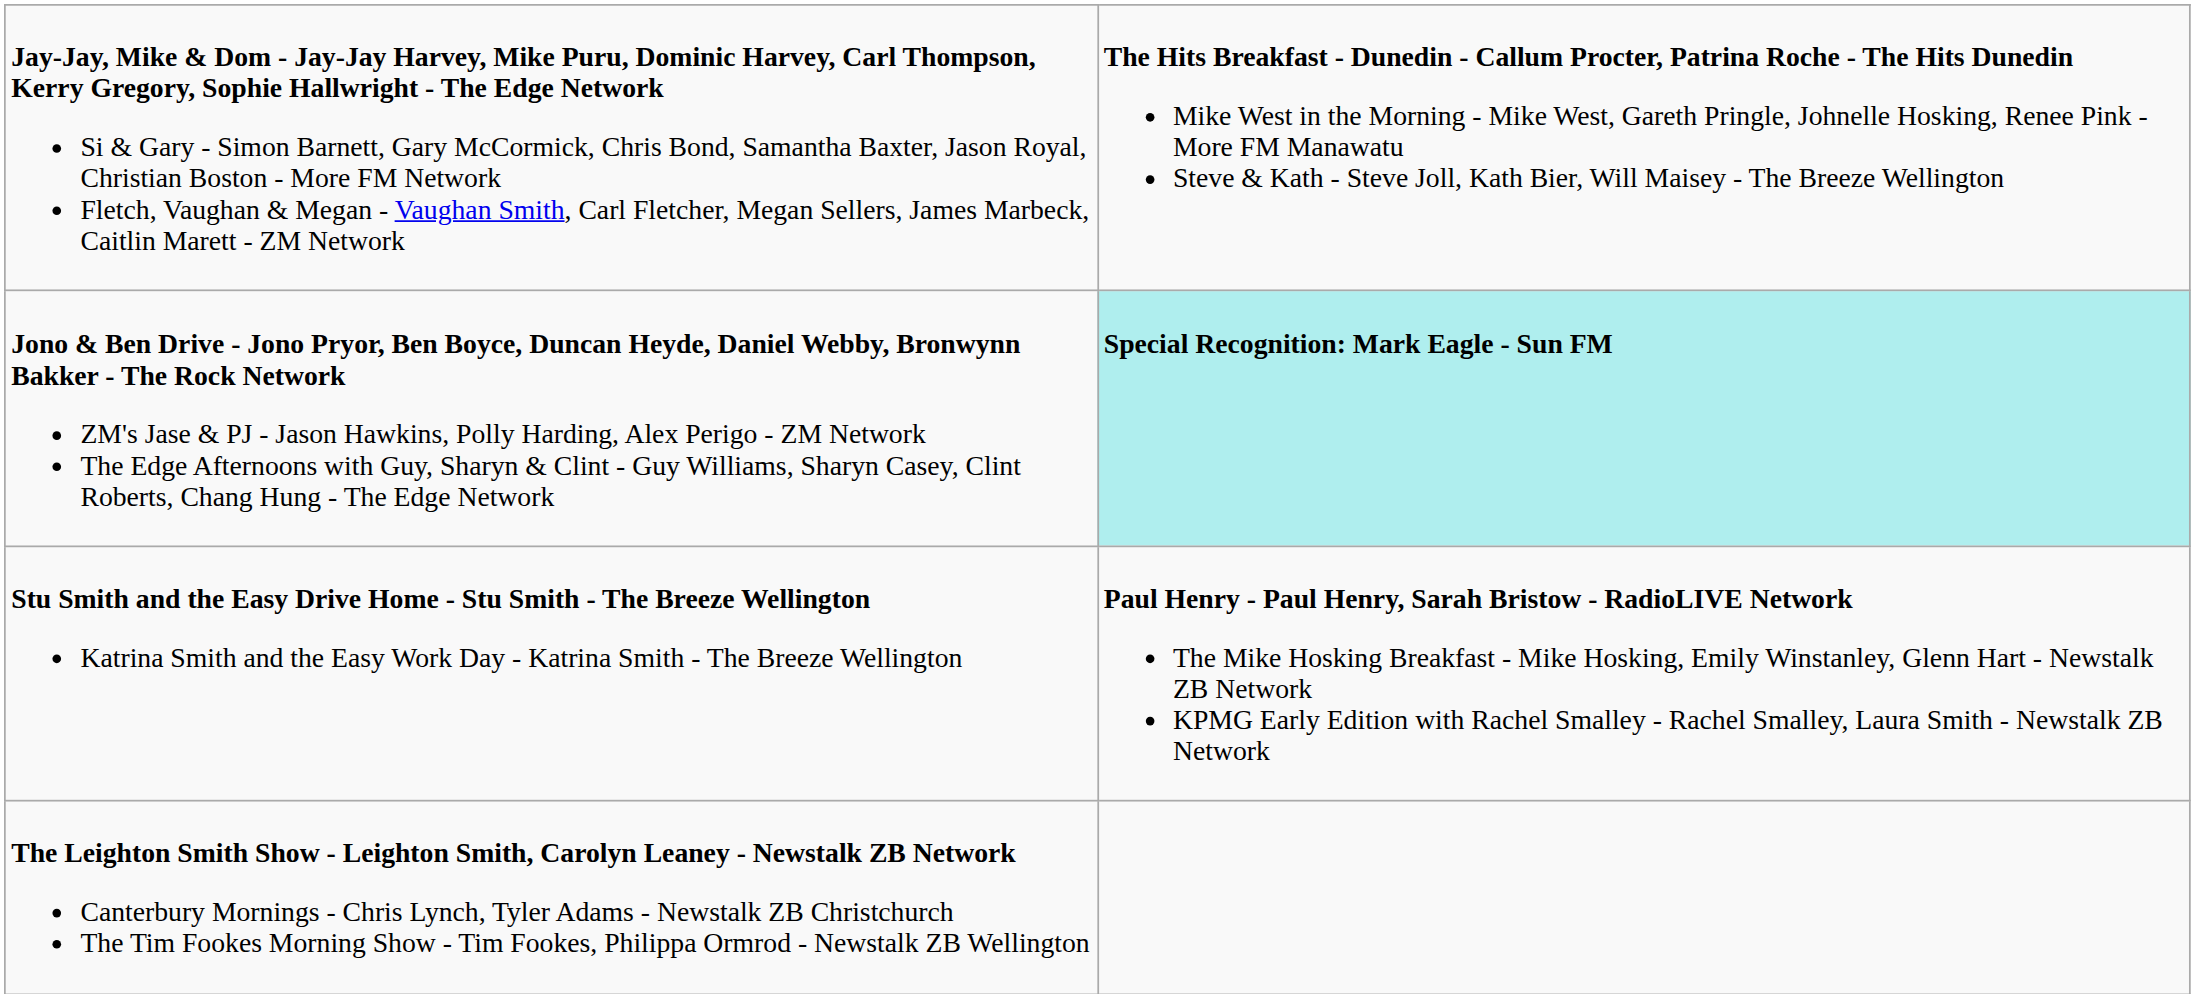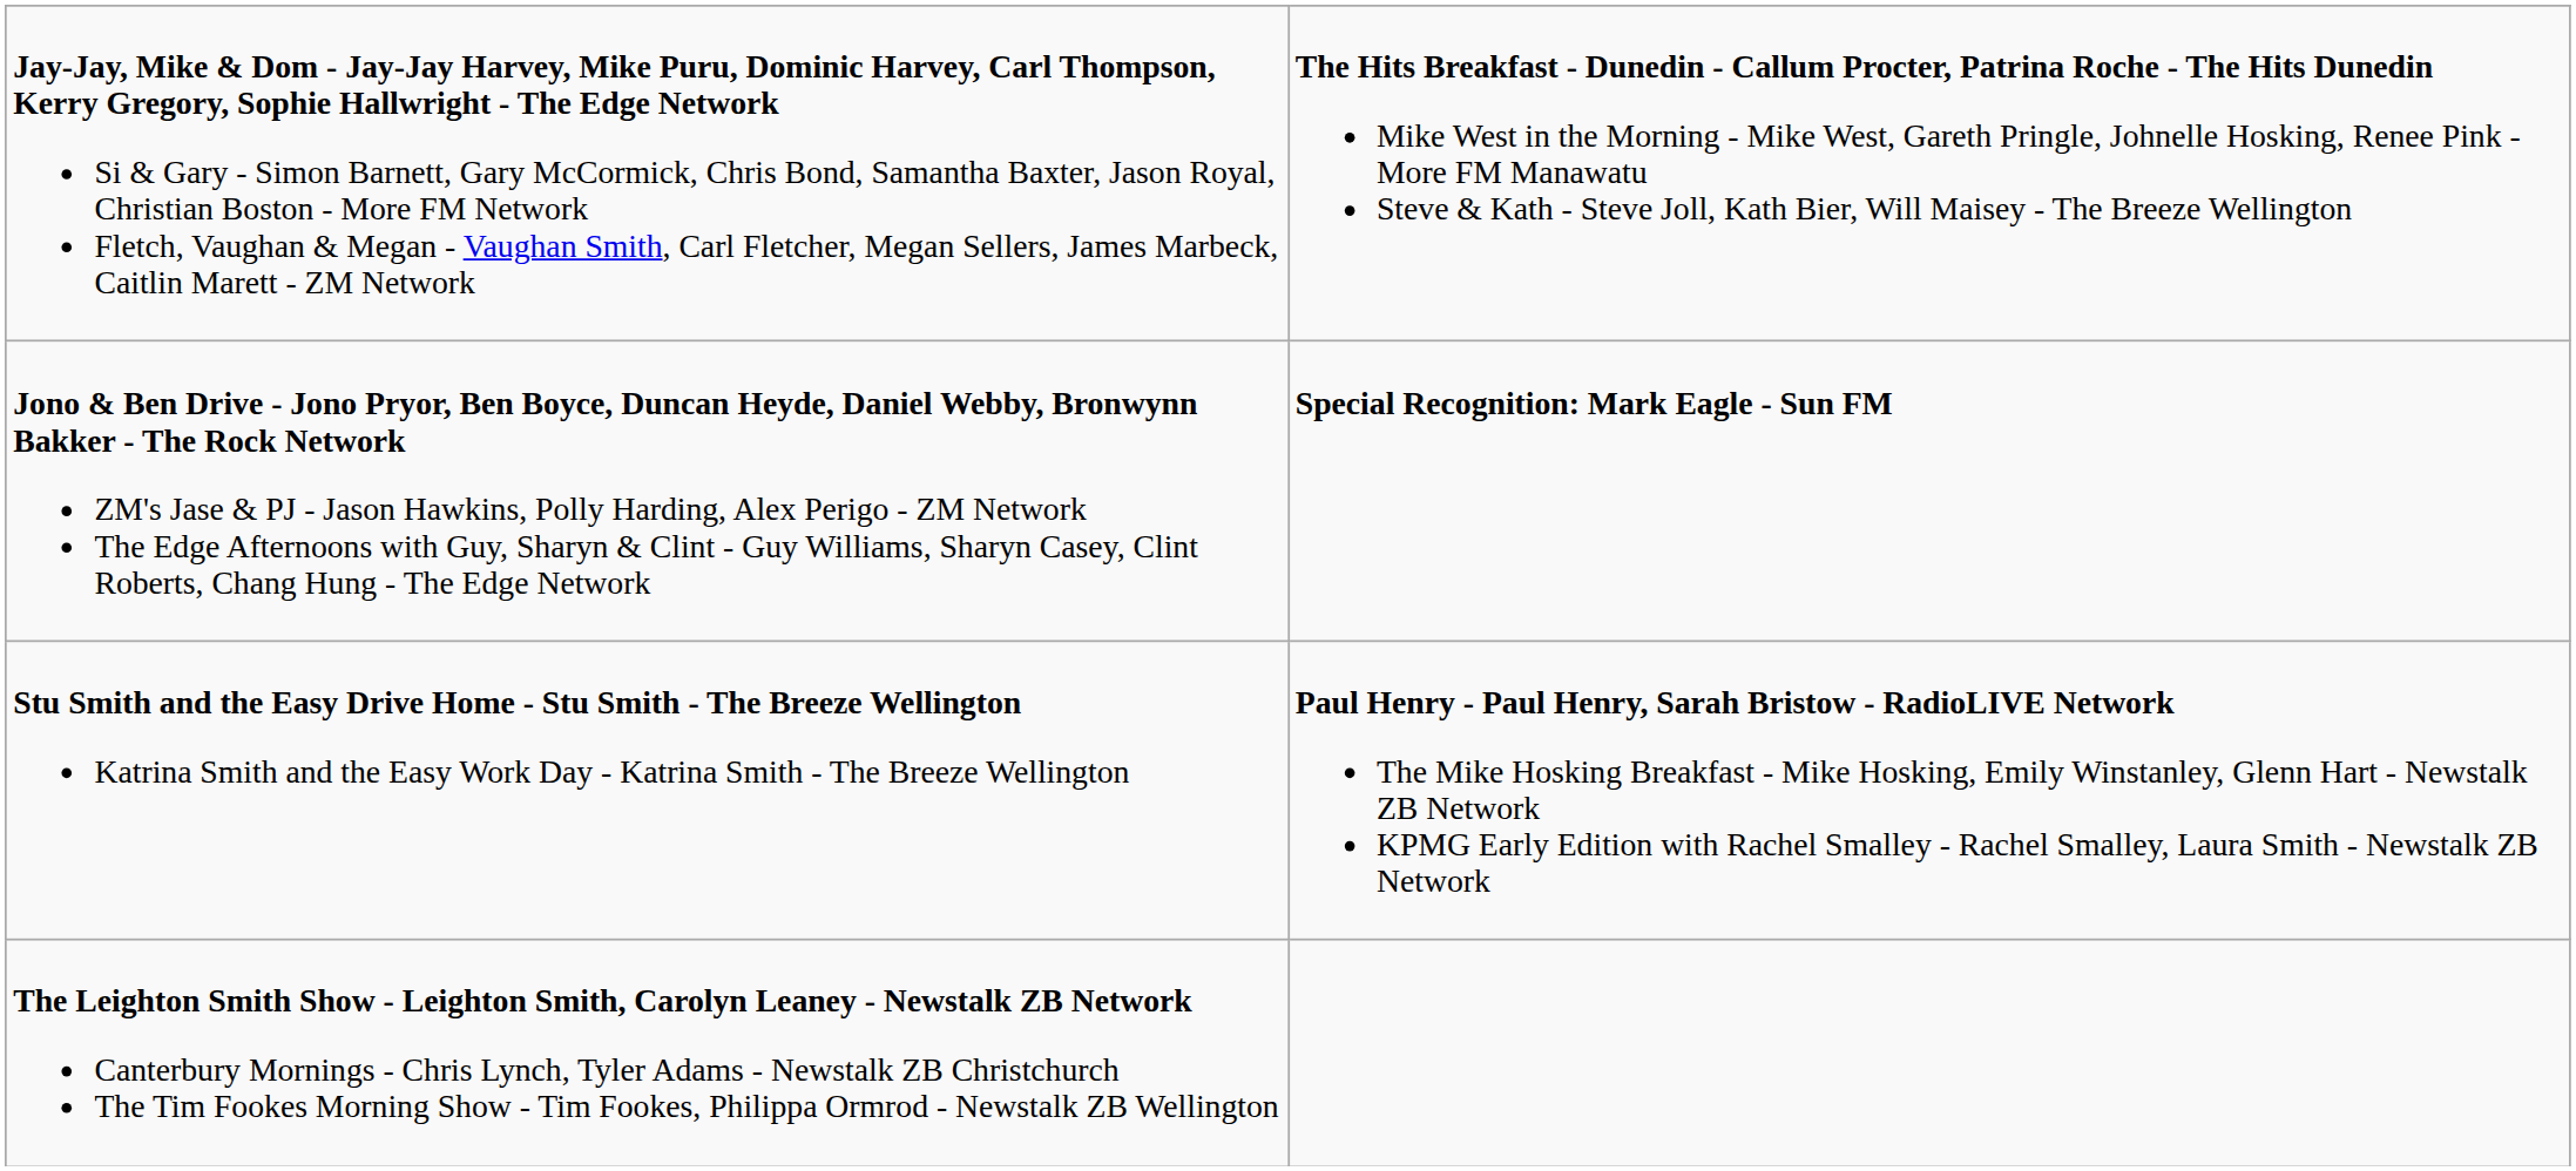 <table class=wikitable width="100%">
 <tr>
 <td valign="top" width="50%"><br> <strong>Jay-Jay, Mike & Dom - Jay-Jay Harvey, Mike Puru, Dominic Harvey, Carl Thompson, Kerry Gregory, Sophie Hallwright - The Edge Network</strong><ul><li>Si & Gary - Simon Barnett, Gary McCormick, Chris Bond, Samantha Baxter, Jason Royal, Christian Boston - More FM Network</li><li>Fletch, Vaughan & Megan - <a href='#'>Vaughan Smith</a>, Carl Fletcher, Megan Sellers, James Marbeck, Caitlin Marett - ZM Network</li></ul></td>
 <td valign="top"  width="50%"><br> <strong>The Hits Breakfast - Dunedin - Callum Procter, Patrina Roche - The Hits Dunedin</strong><ul><li>Mike West in the Morning - Mike West, Gareth Pringle, Johnelle Hosking, Renee Pink - More FM Manawatu</li><li>Steve & Kath - Steve Joll, Kath Bier, Will Maisey - The Breeze Wellington</li></ul></td>
 </tr>
 <tr>
 <td valign="top" width="50%"><br> <strong>Jono & Ben Drive - Jono Pryor, Ben Boyce, Duncan Heyde, Daniel Webby, Bronwynn Bakker - The Rock Network</strong><ul><li>ZM's Jase & PJ - Jason Hawkins, Polly Harding, Alex Perigo - ZM Network</li><li>The Edge Afternoons with Guy, Sharyn & Clint - Guy Williams, Sharyn Casey, Clint Roberts, Chang Hung - The Edge Network</li></ul></td>
-<td valign="top"  width="50%" style="background: paleturquoise;"><br> <strong>Special Recognition: Mark Eagle - Sun FM</strong></td>
+<td valign="top"  width="50%"><br> <strong>Special Recognition: Mark Eagle - Sun FM</strong></td>
 </tr>
 <tr>
 <td valign="top" width="50%"><br> <strong>Stu Smith and the Easy Drive Home - Stu Smith - The Breeze Wellington</strong><ul><li>Katrina Smith and the Easy Work Day - Katrina Smith - The Breeze Wellington</li></ul></td>
 <td valign="top" width="50%"><br> <strong>Paul Henry - Paul Henry, Sarah Bristow - RadioLIVE Network</strong><ul><li>The Mike Hosking Breakfast - Mike Hosking, Emily Winstanley, Glenn Hart - Newstalk ZB Network</li><li>KPMG Early Edition with Rachel Smalley - Rachel Smalley, Laura Smith - Newstalk ZB Network</li></ul></td>
 </tr>
 <tr>
 <td valign="top"  width="50%"><br> <strong>The Leighton Smith Show - Leighton Smith, Carolyn Leaney - Newstalk ZB Network</strong><ul><li>Canterbury Mornings - Chris Lynch, Tyler Adams - Newstalk ZB Christchurch</li><li>The Tim Fookes Morning Show - Tim Fookes, Philippa Ormrod - Newstalk ZB Wellington</li></ul></td>
 <td valign="top" width="50%"></td>
 </tr>
 </table>
